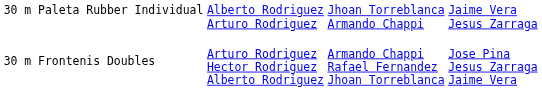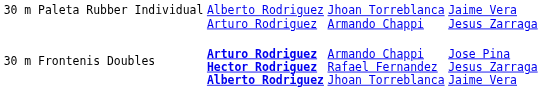 <table>
 <tr>
 <td>30 m Paleta Rubber Individual</td>
 <td><br><a href='#'>Alberto Rodriguez</a><br><a href='#'>Arturo Rodriguez</a></td>
 <td><br><a href='#'>Jhoan Torreblanca</a><br><a href='#'>Armando Chappi</a></td>
 <td><br><a href='#'>Jaime Vera</a><br><a href='#'>Jesus Zarraga</a></td>
 </tr>
 <tr>
 <td>30 m Frontenis Doubles</td>
-<td><br><a href='#'>Arturo Rodriguez</a><br><a href='#'>Hector Rodriguez</a><br><a href='#'>Alberto Rodriguez</a></td>
+<td><strong><br><a href='#'>Arturo Rodriguez</a><br><a href='#'>Hector Rodriguez</a><br><a href='#'>Alberto Rodriguez</a></strong></td>
 <td><br><a href='#'>Armando Chappi</a><br><a href='#'>Rafael Fernandez</a><br><a href='#'>Jhoan Torreblanca</a></td>
 <td><br><a href='#'>Jose Pina</a><br><a href='#'>Jesus Zarraga</a><br><a href='#'>Jaime Vera</a></td>
 </tr>
 <tr>
 </tr>
 </table>
